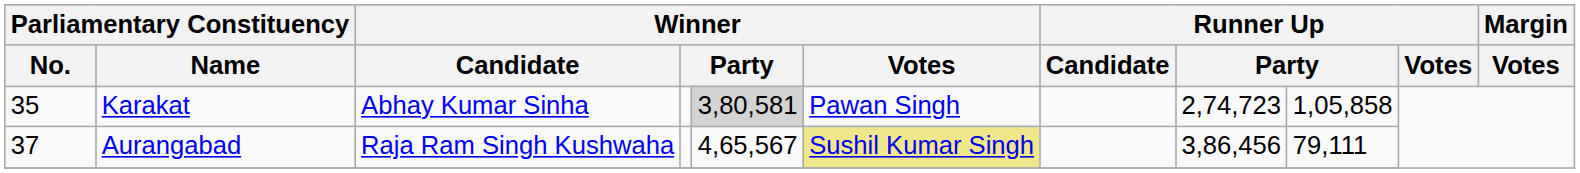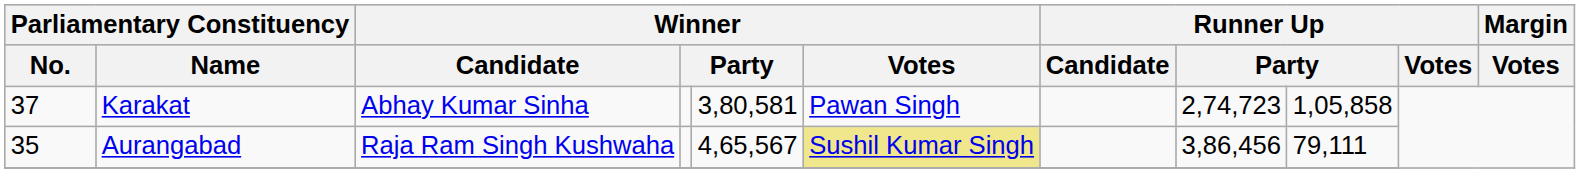 <table class="wikitable sortable mw-collapsible">
 <tr>
 <th colspan="2">Parliamentary Constituency</th>
 <th colspan="4">Winner</th>
 <th colspan="4">Runner Up</th>
 <th colspan="1">Margin</th>
 </tr>
 <tr>
 <th>No.</th>
 <th>Name</th>
 <th>Candidate</th>
 <th colspan=2>Party</th>
 <th data-sort-type=number>Votes</th>
 <th>Candidate</th>
 <th colspan=2>Party</th>
 <th data-sort-type=number>Votes</th>
 <th>Votes</th>
 </tr>
 <tr>
-<td>35</td>
+<td>37</td>
 <td><a href='#'>Karakat</a></td>
 <td><a href='#'>Abhay Kumar Sinha</a></td>
 <td></td>
-<td style="background: lightgrey;">3,80,581</td>
+<td>3,80,581</td>
 <td><a href='#'>Pawan Singh</a></td>
 <td></td>
 <td>2,74,723</td>
 <td style="background:">1,05,858</td>
 </tr>
 <tr>
-<td>37</td>
+<td>35</td>
 <td><a href='#'>Aurangabad</a></td>
 <td><a href='#'>Raja Ram Singh Kushwaha</a></td>
 <td></td>
 <td>4,65,567</td>
 <td style="background: khaki;"><a href='#'>Sushil Kumar Singh</a></td>
 <td></td>
 <td>3,86,456</td>
 <td style="background:">79,111</td>
 </tr>
 <tr>
 </tr>
 </table>
